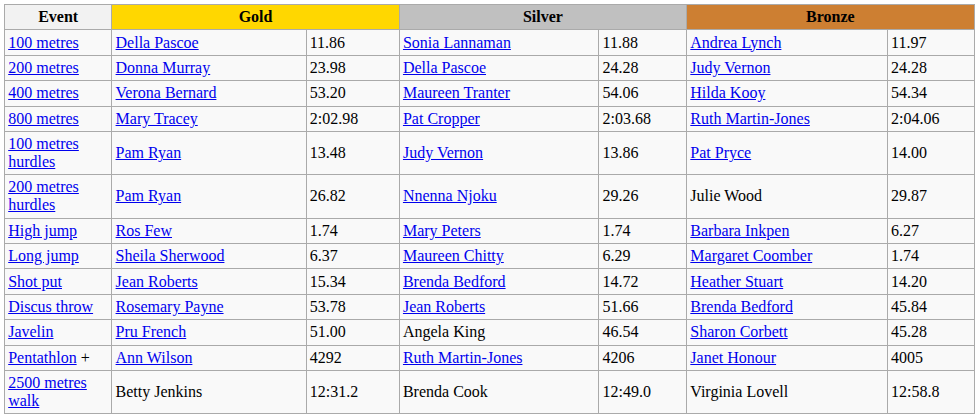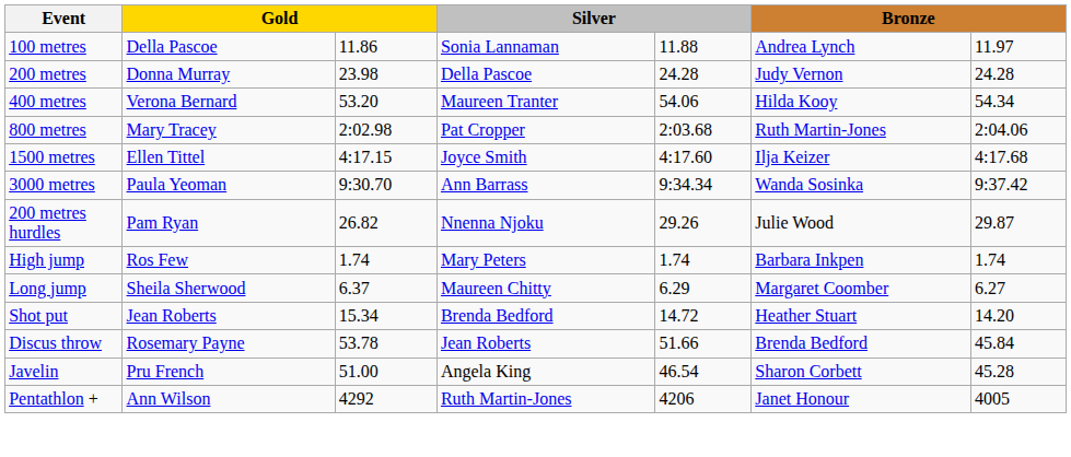 <table class="wikitable" style="text-align:left">
 <tr>
 <th width=100>Event</th>
 <th colspan="2" width="280" style="background:gold;">Gold</th>
 <th colspan="2" width="280" style="background:silver;">Silver</th>
 <th colspan="2" width="280" style="background:#CD7F32;">Bronze</th>
 </tr>
 <tr>
 <td><a href='#'>100 metres</a></td>
 <td><a href='#'>Della Pascoe</a></td>
 <td>11.86</td>
 <td><a href='#'>Sonia Lannaman</a></td>
 <td>11.88</td>
 <td><a href='#'>Andrea Lynch</a></td>
 <td>11.97</td>
 </tr>
 <tr>
 <td><a href='#'>200 metres</a></td>
 <td><a href='#'>Donna Murray</a></td>
 <td>23.98</td>
 <td><a href='#'>Della Pascoe</a></td>
 <td>24.28</td>
 <td><a href='#'>Judy Vernon</a></td>
 <td>24.28</td>
 </tr>
 <tr>
 <td><a href='#'>400 metres</a></td>
 <td><a href='#'>Verona Bernard</a></td>
 <td>53.20</td>
 <td><a href='#'>Maureen Tranter</a></td>
 <td>54.06</td>
 <td> <a href='#'>Hilda Kooy</a></td>
 <td>54.34</td>
 </tr>
 <tr>
 <td><a href='#'>800 metres</a></td>
 <td> <a href='#'>Mary Tracey</a></td>
 <td>2:02.98</td>
 <td><a href='#'>Pat Cropper</a></td>
 <td>2:03.68</td>
 <td> <a href='#'>Ruth Martin-Jones</a></td>
 <td>2:04.06</td>
 </tr>
 <tr>
-<td><a href='#'>100 metres hurdles</a></td>
-<td> <a href='#'>Pam Ryan</a></td>
-<td>13.48</td>
-<td><a href='#'>Judy Vernon</a></td>
-<td>13.86</td>
-<td><a href='#'>Pat Pryce</a></td>
-<td>14.00</td>
+<td><a href='#'>1500 metres</a></td>
+<td> <a href='#'>Ellen Tittel</a></td>
+<td>4:17.15</td>
+<td><a href='#'>Joyce Smith</a></td>
+<td>4:17.60</td>
+<td> <a href='#'>Ilja Keizer</a></td>
+<td>4:17.68</td>
+</tr>
+<tr>
+<td><a href='#'>3000 metres</a></td>
+<td><a href='#'>Paula Yeoman</a></td>
+<td>9:30.70</td>
+<td> <a href='#'>Ann Barrass</a></td>
+<td>9:34.34</td>
+<td> <a href='#'>Wanda Sosinka</a></td>
+<td>9:37.42</td>
 </tr>
 <tr>
 <td><a href='#'>200 metres hurdles</a></td>
 <td> <a href='#'>Pam Ryan</a></td>
 <td>26.82</td>
 <td> <a href='#'>Nnenna Njoku</a></td>
 <td>29.26</td>
 <td>Julie Wood</td>
 <td>29.87</td>
 </tr>
 <tr>
 <td><a href='#'>High jump</a></td>
 <td><a href='#'>Ros Few</a></td>
 <td>1.74</td>
 <td> <a href='#'>Mary Peters</a></td>
 <td>1.74</td>
 <td><a href='#'>Barbara Inkpen</a></td>
-<td>6.27</td>
+<td>1.74</td>
 </tr>
 <tr>
 <td><a href='#'>Long jump</a></td>
 <td><a href='#'>Sheila Sherwood</a></td>
 <td>6.37</td>
 <td><a href='#'>Maureen Chitty</a></td>
 <td>6.29</td>
 <td><a href='#'>Margaret Coomber</a></td>
-<td>1.74</td>
+<td>6.27</td>
 </tr>
 <tr>
 <td><a href='#'>Shot put</a></td>
 <td> <a href='#'>Jean Roberts</a></td>
 <td>15.34</td>
 <td><a href='#'>Brenda Bedford</a></td>
 <td>14.72</td>
 <td> <a href='#'>Heather Stuart</a></td>
 <td>14.20</td>
 </tr>
 <tr>
 <td><a href='#'>Discus throw</a></td>
 <td> <a href='#'>Rosemary Payne</a></td>
 <td>53.78</td>
 <td> <a href='#'>Jean Roberts</a></td>
 <td>51.66</td>
 <td><a href='#'>Brenda Bedford</a></td>
 <td>45.84</td>
 </tr>
 <tr>
 <td><a href='#'>Javelin</a></td>
 <td><a href='#'>Pru French</a></td>
 <td>51.00</td>
 <td>Angela King</td>
 <td>46.54</td>
 <td><a href='#'>Sharon Corbett</a></td>
 <td>45.28</td>
 </tr>
 <tr>
 <td><a href='#'>Pentathlon</a> +</td>
 <td><a href='#'>Ann Wilson</a></td>
 <td>4292</td>
 <td> <a href='#'>Ruth Martin-Jones</a></td>
 <td>4206</td>
 <td><a href='#'>Janet Honour</a></td>
 <td>4005</td>
 </tr>
-<tr>
-<td><a href='#'>2500 metres walk</a></td>
-<td>Betty Jenkins</td>
-<td>12:31.2</td>
-<td>Brenda Cook</td>
-<td>12:49.0</td>
-<td>Virginia Lovell</td>
-<td>12:58.8</td>
-</tr>
 </table>
